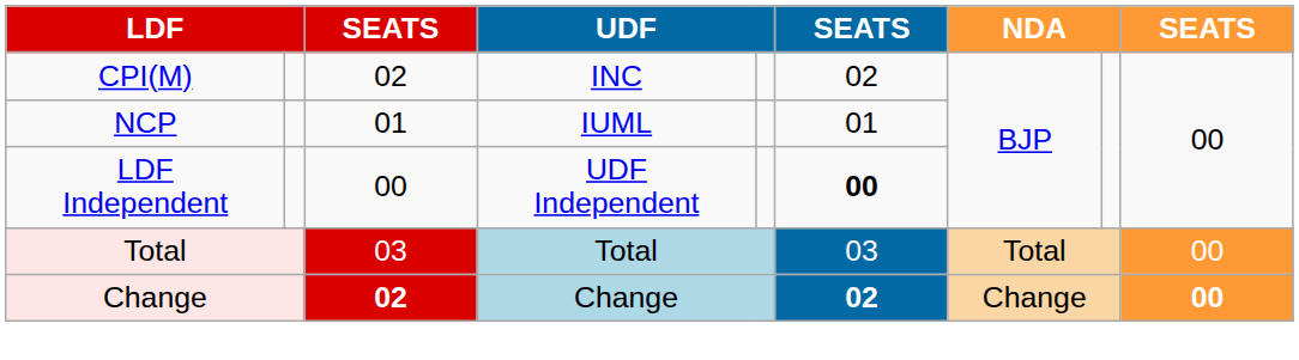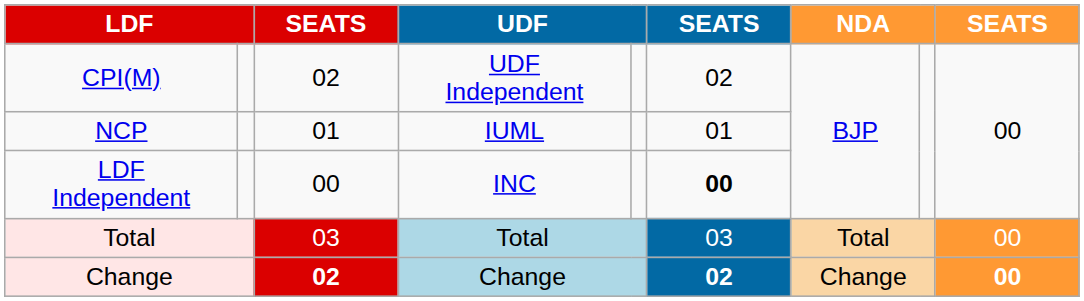 <table class="wikitable collapsible" width="35%" style="text-align:center; font-size: x-big">
 <tr>
 <th colspan="2" style="background:#DB0000 ; color:white;">LDF</th>
 <th style="background:#DB0000 ; color:white;">SEATS</th>
 <th colspan="2" style="background:#0269A4; color:white;">UDF</th>
 <th style="background:#0269A4; color:white;">SEATS</th>
 <th colspan="2" style="background:#FF9933; color:white;">NDA</th>
 <th style="background:#FF9933; color:white;">SEATS</th>
 </tr>
 <tr>
 <td><a href='#'>CPI(M)</a></td>
 <td width="3px" style="background-color: "></td>
 <td>02</td>
-<td><a href='#'>INC</a></td>
+<td><a href='#'>UDF<br>Independent</a></td>
 <td width="3px" style="background-color: "></td>
 <td>02</td>
 <td rowspan="3"><a href='#'>BJP</a></td>
 <td rowspan="3" width="3px" style="background-color: "></td>
 <td rowspan="3">00</td>
 </tr>
 <tr>
 <td><a href='#'>NCP</a></td>
 <td width="3px" style="background-color: "></td>
 <td>01</td>
 <td><a href='#'>IUML</a></td>
 <td width="3px" style="background-color: "></td>
 <td>01</td>
 </tr>
 <tr>
 <td><a href='#'>LDF<br>Independent</a></td>
 <td width="3px" style="background-color: "></td>
 <td>00</td>
-<td><a href='#'>UDF<br>Independent</a></td>
+<td><a href='#'>INC</a></td>
 <td width="3px" style="background-color: "></td>
 <td><strong>00</strong></td>
 </tr>
 <tr>
 <td colspan="2" style="background:#ffe6e6;">Total</td>
 <td style="background:#DB0000 ; color:white;">03</td>
 <td colspan="2" style="background:#ADD8E6">Total</td>
 <td style="background:#0269A4; color:white;">03</td>
 <td colspan="2" style="background:#FAD6A5">Total</td>
 <td style="background:#FF9933; color:white;">00</td>
 </tr>
 <tr 00>
 <td colspan="2" style="background:#ffe6e6;">Change</td>
 <td style="background:#DB0000 ; color:white;"><strong>02</strong></td>
 <td colspan="2" style="background:#ADD8E6">Change</td>
 <td style="background:#0269A4; color:white;"><strong>02</strong></td>
 <td colspan="2" style="background:#FAD6A5">Change</td>
 <td style="background:#FF9933; color:white;"><strong>00</strong></td>
 </tr>
 </table>
